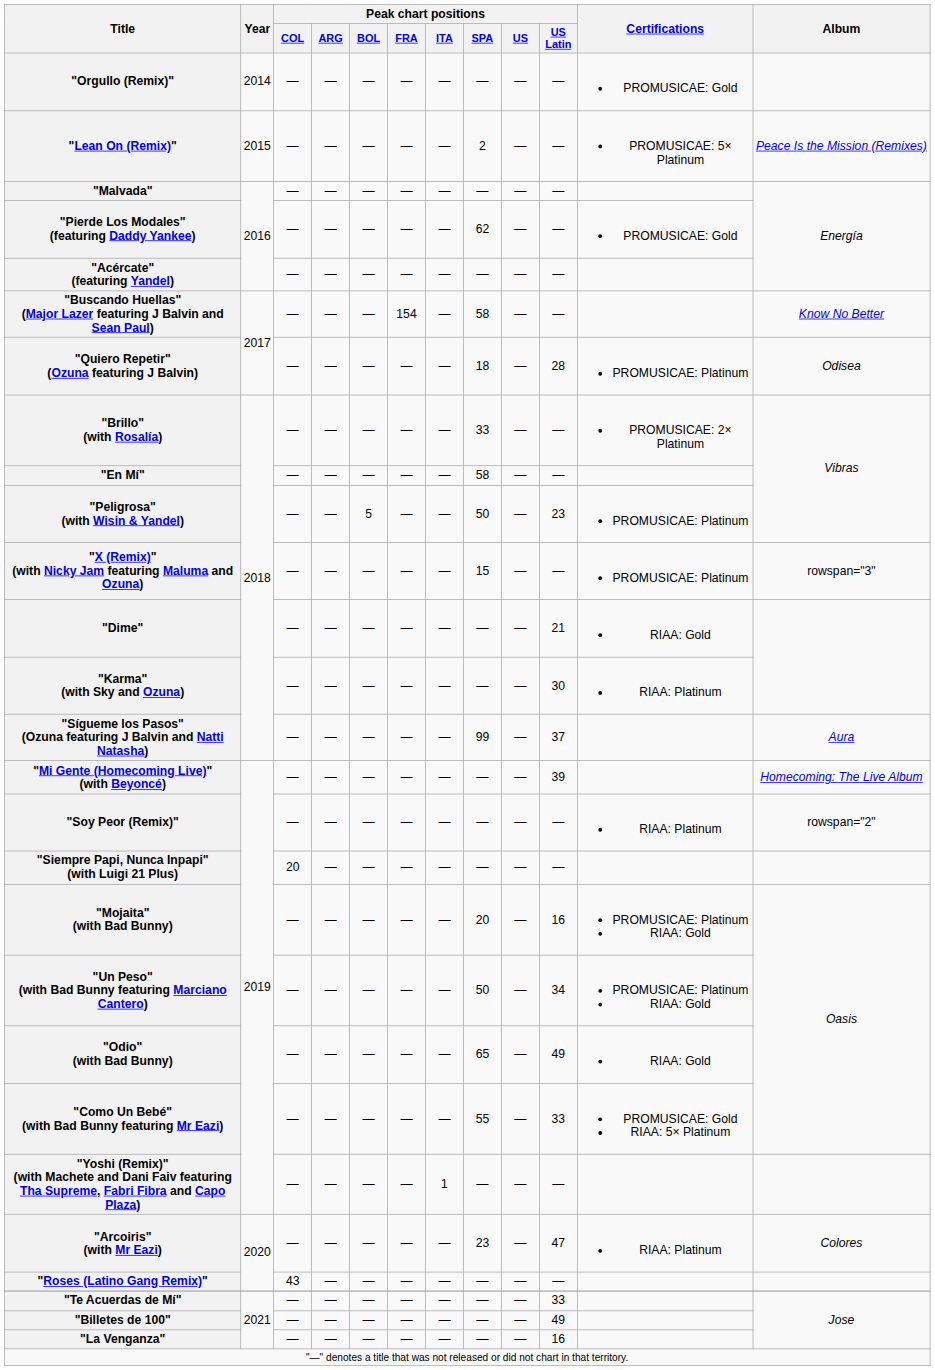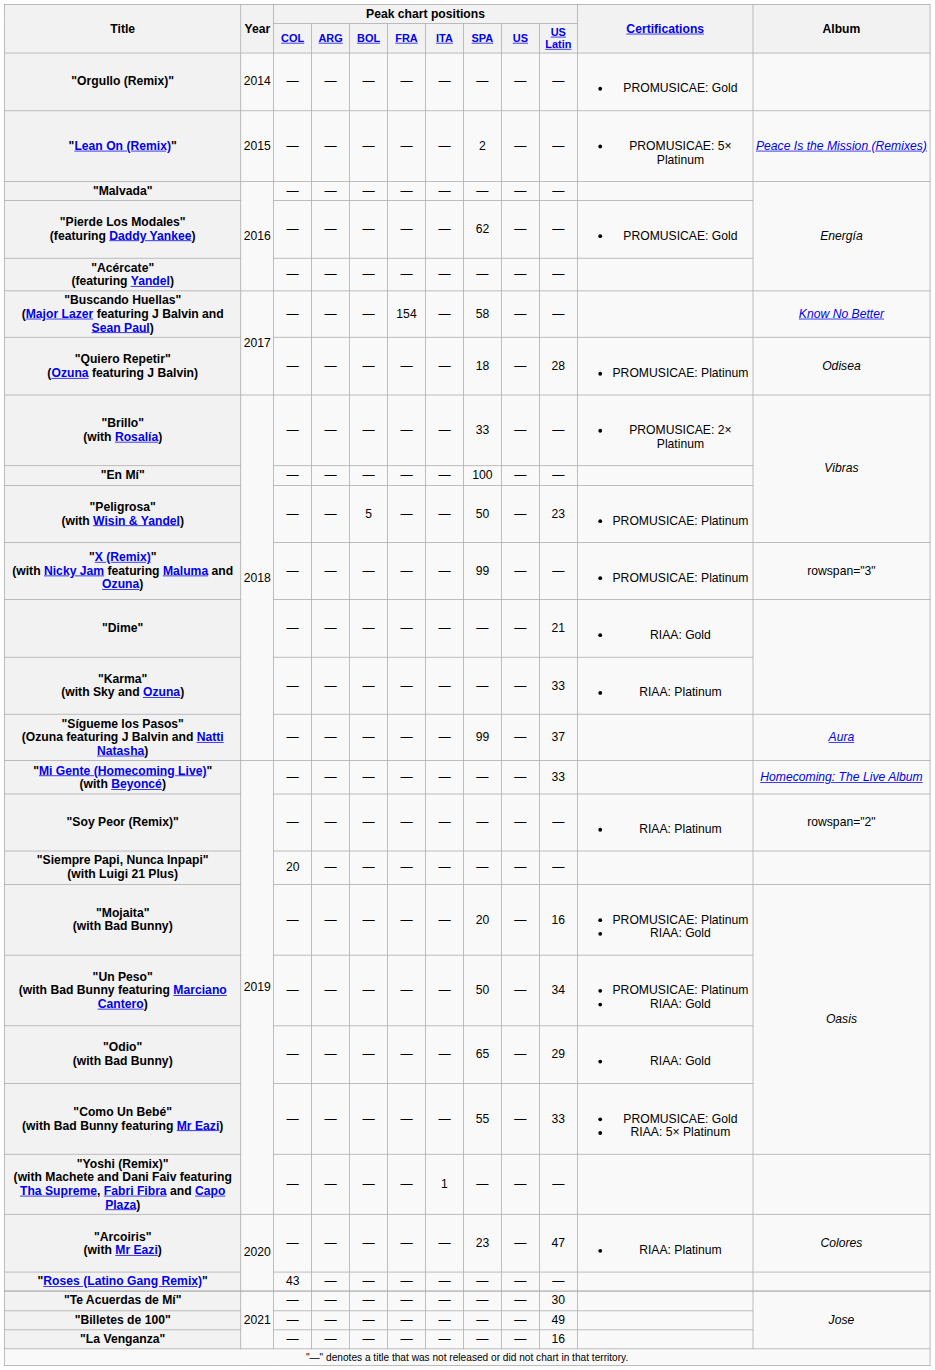 <table class="wikitable plainrowheaders" style="text-align:center;">
 <tr>
 <th scope="col" rowspan="2" style="width:19em;">Title</th>
 <th scope="col" rowspan="2">Year</th>
 <th scope="col" colspan="8">Peak chart positions</th>
 <th scope="col" rowspan="2" style="width:14em;"><a href='#'>Certifications</a></th>
 <th scope="col" rowspan="2">Album</th>
 </tr>
 <tr>
 <th scope="col" style="width:3em;font-size:90%;"><a href='#'>COL</a><br></th>
 <th scope="col" style="width:3em;font-size:90%;"><a href='#'>ARG</a><br></th>
 <th scope="col" style="width:3em;font-size:90%;"><a href='#'>BOL</a><br></th>
 <th scope="col" style="width:3em;font-size:90%;"><a href='#'>FRA</a><br></th>
 <th scope="col" style="width:3em;font-size:90%;"><a href='#'>ITA</a><br></th>
 <th scope="col" style="width:3em;font-size:90%;"><a href='#'>SPA</a><br></th>
 <th scope="col" style="width:3em;font-size:90%;"><a href='#'>US</a><br></th>
 <th scope="col" style="width:3em;font-size:90%;"><a href='#'>US <br>Latin</a><br></th>
 </tr>
 <tr>
 <th scope="row">"Orgullo (Remix)"<br></th>
 <td>2014</td>
 <td>—</td>
 <td>—</td>
 <td>—</td>
 <td>—</td>
 <td>—</td>
 <td>—</td>
 <td>—</td>
 <td>—</td>
 <td><br><ul><li>PROMUSICAE: Gold</li></ul></td>
 <td></td>
 </tr>
 <tr>
 <th scope="row">"<a href='#'>Lean On (Remix)</a>"<br></th>
 <td>2015</td>
 <td>—</td>
 <td>—</td>
 <td>—</td>
 <td>—</td>
 <td>—</td>
 <td>2</td>
 <td>—</td>
 <td>—</td>
 <td><br><ul><li>PROMUSICAE: 5× Platinum</li></ul></td>
 <td><em><a href='#'>Peace Is the Mission (Remixes)</a></em></td>
 </tr>
 <tr>
 <th scope="row">"Malvada"</th>
 <td rowspan="3">2016</td>
 <td>—</td>
 <td>—</td>
 <td>—</td>
 <td>—</td>
 <td>—</td>
 <td>—</td>
 <td>—</td>
 <td>—</td>
 <td></td>
 <td rowspan="3"><em>Energía</em></td>
 </tr>
 <tr>
 <th scope="row">"Pierde Los Modales"<br><span>(featuring <a href='#'>Daddy Yankee</a>)</span></th>
 <td>—</td>
 <td>—</td>
 <td>—</td>
 <td>—</td>
 <td>—</td>
 <td>62</td>
 <td>—</td>
 <td>—</td>
 <td><br><ul><li>PROMUSICAE: Gold</li></ul></td>
 </tr>
 <tr>
 <th scope="row">"Acércate"<br><span>(featuring <a href='#'>Yandel</a>)</span></th>
 <td>—</td>
 <td>—</td>
 <td>—</td>
 <td>—</td>
 <td>—</td>
 <td>—</td>
 <td>—</td>
 <td>—</td>
 <td></td>
 </tr>
 <tr>
 <th scope="row">"Buscando Huellas"<br><span>(<a href='#'>Major Lazer</a> featuring J Balvin and <a href='#'>Sean Paul</a>)</span></th>
 <td rowspan="2">2017</td>
 <td>—</td>
 <td>—</td>
 <td>—</td>
 <td>154</td>
 <td>—</td>
 <td>58</td>
 <td>—</td>
 <td>—</td>
 <td></td>
 <td><em><a href='#'>Know No Better</a></em></td>
 </tr>
 <tr>
 <th scope="row">"Quiero Repetir"<br><span>(<a href='#'>Ozuna</a> featuring J Balvin)</span></th>
 <td>—</td>
 <td>—</td>
 <td>—</td>
 <td>—</td>
 <td>—</td>
 <td>18</td>
 <td>—</td>
 <td>28</td>
 <td><br><ul><li>PROMUSICAE: Platinum</li></ul></td>
 <td><em>Odisea</em></td>
 </tr>
 <tr>
 <th scope="row">"Brillo"<br><span>(with <a href='#'>Rosalía</a>)</span></th>
 <td rowspan="7">2018</td>
 <td>—</td>
 <td>—</td>
 <td>—</td>
 <td>—</td>
 <td>—</td>
 <td>33</td>
 <td>—</td>
 <td>—</td>
 <td><br><ul><li>PROMUSICAE: 2× Platinum</li></ul></td>
 <td rowspan="3"><em>Vibras</em></td>
 </tr>
 <tr>
 <th scope="row">"En Mí"</th>
 <td>—</td>
 <td>—</td>
 <td>—</td>
 <td>—</td>
 <td>—</td>
-<td>58</td>
+<td>100</td>
 <td>—</td>
 <td>—</td>
 <td></td>
 </tr>
 <tr>
 <th scope="row">"Peligrosa"<br><span>(with <a href='#'>Wisin & Yandel</a>)</span></th>
 <td>—</td>
 <td>—</td>
 <td>5</td>
 <td>—</td>
 <td>—</td>
 <td>50</td>
 <td>—</td>
 <td>23</td>
 <td><br><ul><li>PROMUSICAE: Platinum</li></ul></td>
 </tr>
 <tr>
 <th scope="row">"<a href='#'>X (Remix)</a>"<br><span>(with <a href='#'>Nicky Jam</a> featuring <a href='#'>Maluma</a> and <a href='#'>Ozuna</a>)</span></th>
 <td>—</td>
 <td>—</td>
 <td>—</td>
 <td>—</td>
 <td>—</td>
-<td>15</td>
+<td>99</td>
 <td>—</td>
 <td>—</td>
 <td><br><ul><li>PROMUSICAE: Platinum</li></ul></td>
 <td>rowspan="3" </td>
 </tr>
 <tr>
 <th scope="row">"Dime"<br></th>
 <td>—</td>
 <td>—</td>
 <td>—</td>
 <td>—</td>
 <td>—</td>
 <td>—</td>
 <td>—</td>
 <td>21</td>
 <td><br><ul><li>RIAA: Gold </li></ul></td>
 </tr>
 <tr>
 <th scope="row">"Karma"<br><span>(with Sky and <a href='#'>Ozuna</a>)</span></th>
 <td>—</td>
 <td>—</td>
 <td>—</td>
 <td>—</td>
 <td>—</td>
 <td>—</td>
 <td>—</td>
-<td>30</td>
+<td>33</td>
 <td><br><ul><li>RIAA: Platinum </li></ul></td>
 </tr>
 <tr>
 <th scope="row">"Sígueme los Pasos"<br><span>(Ozuna featuring J Balvin and <a href='#'>Natti Natasha</a>)</span></th>
 <td>—</td>
 <td>—</td>
 <td>—</td>
 <td>—</td>
 <td>—</td>
 <td>99</td>
 <td>—</td>
 <td>37</td>
 <td></td>
 <td><em><a href='#'>Aura</a></em></td>
 </tr>
 <tr>
 <th scope="row">"<a href='#'>Mi Gente (Homecoming Live)</a>"<br><span>(with <a href='#'>Beyoncé</a>)</span></th>
 <td rowspan="8">2019</td>
 <td>—</td>
 <td>—</td>
 <td>—</td>
 <td>—</td>
 <td>—</td>
 <td>—</td>
 <td>—</td>
-<td>39</td>
+<td>33</td>
 <td></td>
 <td><em><a href='#'>Homecoming: The Live Album</a></em></td>
 </tr>
 <tr>
 <th scope="row">"Soy Peor (Remix)"<br></th>
 <td>—</td>
 <td>—</td>
 <td>—</td>
 <td>—</td>
 <td>—</td>
 <td>—</td>
 <td>—</td>
 <td>—</td>
 <td><br><ul><li>RIAA: Platinum </li></ul></td>
 <td>rowspan="2" </td>
 </tr>
 <tr>
 <th scope="row">"Siempre Papi, Nunca Inpapi"<br><span>(with Luigi 21 Plus)</span></th>
 <td>20</td>
 <td>—</td>
 <td>—</td>
 <td>—</td>
 <td>—</td>
 <td>—</td>
 <td>—</td>
 <td>—</td>
 <td></td>
 </tr>
 <tr>
 <th scope="row">"Mojaita"<br><span>(with Bad Bunny)</span></th>
 <td>—</td>
 <td>—</td>
 <td>—</td>
 <td>—</td>
 <td>—</td>
 <td>20</td>
 <td>—</td>
 <td>16</td>
 <td><br><ul><li>PROMUSICAE: Platinum</li><li>RIAA: Gold </li></ul></td>
 <td rowspan="4"><em>Oasis</em></td>
 </tr>
 <tr>
 <th scope="row">"Un Peso"<br><span>(with Bad Bunny featuring <a href='#'>Marciano Cantero</a>)</span></th>
 <td>—</td>
 <td>—</td>
 <td>—</td>
 <td>—</td>
 <td>—</td>
 <td>50</td>
 <td>—</td>
 <td>34</td>
 <td><br><ul><li>PROMUSICAE: Platinum</li><li>RIAA: Gold </li></ul></td>
 </tr>
 <tr>
 <th scope="row">"Odio"<br><span>(with Bad Bunny)</span></th>
 <td>—</td>
 <td>—</td>
 <td>—</td>
 <td>—</td>
 <td>—</td>
 <td>65</td>
 <td>—</td>
-<td>49</td>
+<td>29</td>
 <td><br><ul><li>RIAA: Gold </li></ul></td>
 </tr>
 <tr>
 <th scope="row">"Como Un Bebé"<br><span>(with Bad Bunny featuring <a href='#'>Mr Eazi</a>)</span></th>
 <td>—</td>
 <td>—</td>
 <td>—</td>
 <td>—</td>
 <td>—</td>
 <td>55</td>
 <td>—</td>
 <td>33</td>
 <td><br><ul><li>PROMUSICAE: Gold</li><li>RIAA: 5× Platinum </li></ul></td>
 </tr>
 <tr>
 <th scope="row">"Yoshi (Remix)"<br><span>(with Machete and Dani Faiv featuring <a href='#'>Tha Supreme</a>, <a href='#'>Fabri Fibra</a> and <a href='#'>Capo Plaza</a>)</span></th>
 <td>—</td>
 <td>—</td>
 <td>—</td>
 <td>—</td>
 <td>1</td>
 <td>—</td>
 <td>—</td>
 <td>—</td>
 <td></td>
 <td></td>
 </tr>
 <tr>
 <th scope="row">"Arcoiris"<br><span>(with <a href='#'>Mr Eazi</a>)</span></th>
 <td rowspan="2">2020</td>
 <td>—</td>
 <td>—</td>
 <td>—</td>
 <td>—</td>
 <td>—</td>
 <td>23</td>
 <td>—</td>
 <td>47</td>
 <td><br><ul><li>RIAA: Platinum </li></ul></td>
 <td><em>Colores</em></td>
 </tr>
 <tr>
 <th scope="row">"<a href='#'>Roses (Latino Gang Remix)</a>"<br></th>
 <td>43</td>
 <td>—</td>
 <td>—</td>
 <td>—</td>
 <td>—</td>
 <td>—</td>
 <td>—</td>
 <td>—</td>
 <td></td>
 <td></td>
 </tr>
 <tr>
 </tr>
 <tr>
 <th scope="row">"Te Acuerdas de Mí"<br></th>
 <td rowspan="3">2021</td>
 <td>—</td>
 <td>—</td>
 <td>—</td>
 <td>—</td>
 <td>—</td>
 <td>—</td>
 <td>—</td>
-<td>33</td>
+<td>30</td>
 <td></td>
 <td rowspan="3"><em>Jose</em></td>
 </tr>
 <tr>
 <th scope="row">"Billetes de 100"<br></th>
 <td>—</td>
 <td>—</td>
 <td>—</td>
 <td>—</td>
 <td>—</td>
 <td>—</td>
 <td>—</td>
 <td>49</td>
 <td></td>
 </tr>
 <tr>
 <th scope="row">"La Venganza"<br></th>
 <td>—</td>
 <td>—</td>
 <td>—</td>
 <td>—</td>
 <td>—</td>
 <td>—</td>
 <td>—</td>
 <td>16</td>
 <td></td>
 </tr>
 <tr>
 <td colspan="15" style="text-align:center; font-size:10pt;">"—" denotes a title that was not released or did not chart in that territory.</td>
 </tr>
 </table>
